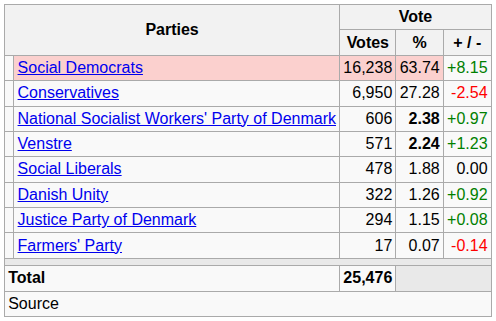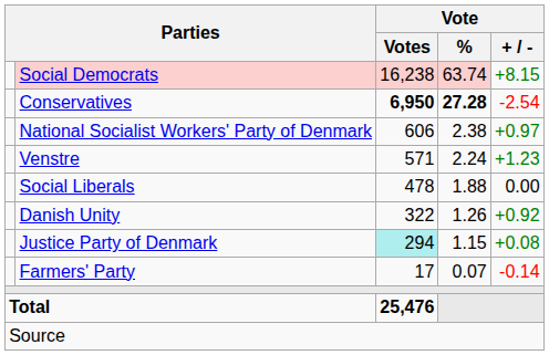 <table class="wikitable" style="text-align:right;">
 <tr>
 <th style="text-align:centre;" rowspan="2" colspan="2" width="225">Parties</th>
 <th colspan="3">Vote</th>
 </tr>
 <tr>
 <th width="15">Votes</th>
 <th width="15">%</th>
 <th width="15">+ / -</th>
 </tr>
 <tr>
 <td width="2" style="color:inherit;background:"></td>
 <td bgcolor=#fbd0ce  align="left"><a href='#'>Social Democrats</a></td>
 <td bgcolor=#fbd0ce>16,238</td>
 <td bgcolor=#fbd0ce>63.74</td>
 <td style=color:green;>+8.15</td>
 </tr>
 <tr>
 <td width="2" style="color:inherit;background:"></td>
 <td align="left"><a href='#'>Conservatives</a></td>
-<td>6,950</td>
-<td>27.28</td>
+<td><strong>6,950</strong></td>
+<td><strong>27.28</strong></td>
 <td style=color:red;>-2.54</td>
 </tr>
 <tr>
 <td width="2" style="color:inherit;background:"></td>
 <td align="left"><a href='#'>National Socialist Workers' Party of Denmark</a></td>
 <td>606</td>
-<td><strong>2.38</strong></td>
+<td>2.38</td>
 <td style=color:green;>+0.97</td>
 </tr>
 <tr>
 <td width="2" style="color:inherit;background:"></td>
 <td align="left"><a href='#'>Venstre</a></td>
 <td>571</td>
-<td><strong>2.24</strong></td>
+<td>2.24</td>
 <td style=color:green;>+1.23</td>
 </tr>
 <tr>
 <td width="2" style="color:inherit;background:"></td>
 <td align="left"><a href='#'>Social Liberals</a></td>
 <td>478</td>
 <td>1.88</td>
 <td>0.00</td>
 </tr>
 <tr>
 <td width="2" style="color:inherit;background:"></td>
 <td align="left"><a href='#'>Danish Unity</a></td>
 <td>322</td>
 <td>1.26</td>
 <td style=color:green;>+0.92</td>
 </tr>
 <tr>
 <td width="2" style="color:inherit;background:"></td>
 <td align="left"><a href='#'>Justice Party of Denmark</a></td>
-<td>294</td>
+<td style="background: paleturquoise;">294</td>
 <td>1.15</td>
 <td style=color:green;>+0.08</td>
 </tr>
 <tr>
 <td width="2" style="color:inherit;background:"></td>
 <td align="left"><a href='#'>Farmers' Party</a></td>
 <td>17</td>
 <td>0.07</td>
 <td style=color:red;>-0.14</td>
 </tr>
 <tr>
 <td colspan="7" bgcolor="#E9E9E9"></td>
 </tr>
 <tr>
 <td align="left" colspan="2"><strong>Total</strong></td>
 <td><strong>25,476</strong></td>
 <td bgcolor="#E9E9E9" colspan="2"></td>
 </tr>
 <tr>
 <td align="left" colspan="6">Source</td>
 </tr>
 </table>
